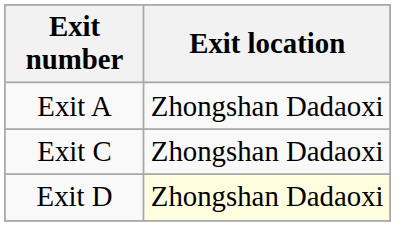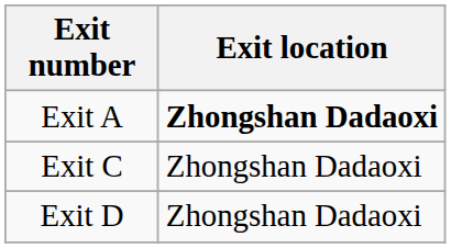 <table class="wikitable">
 <tr>
 <th style="width:70px" colspan="2">Exit number</th>
 <th>Exit location</th>
 </tr>
 <tr>
 <td align="center" colspan="2">Exit A</td>
-<td>Zhongshan Dadaoxi</td>
+<td><strong>Zhongshan Dadaoxi</strong></td>
 </tr>
 <tr>
 <td align="center" colspan="2">Exit C</td>
 <td>Zhongshan Dadaoxi</td>
 </tr>
 <tr>
 <td align="center" colspan="2">Exit D</td>
-<td style="background: lightyellow;">Zhongshan Dadaoxi</td>
+<td>Zhongshan Dadaoxi</td>
 </tr>
 </table>
